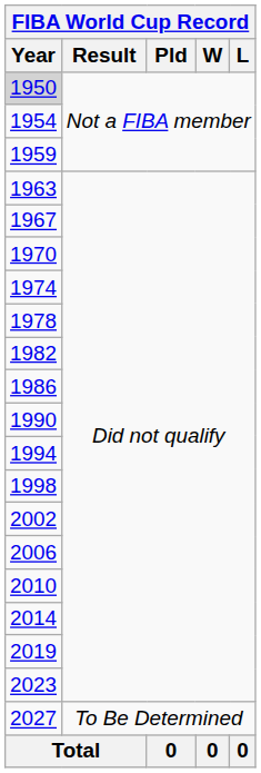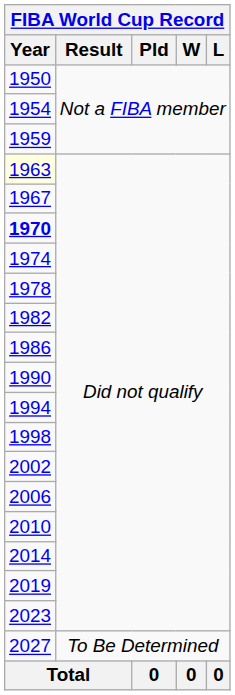 <table class="wikitable" style="text-align: center;font-size:90%;">
 <tr>
 <th colspan=5><a href='#'>FIBA World Cup Record</a></th>
 </tr>
 <tr>
 <th>Year</th>
 <th>Result</th>
 <th>Pld</th>
 <th>W</th>
 <th>L</th>
 </tr>
 <tr>
-<td style="background: lightgrey;"> <a href='#'>1950</a></td>
+<td> <a href='#'>1950</a></td>
 <td rowspan=3 colspan=4><em>Not a <a href='#'>FIBA</a> member</em></td>
 </tr>
 <tr>
 <td> <a href='#'>1954</a></td>
 </tr>
 <tr>
 <td> <a href='#'>1959</a></td>
 </tr>
 <tr>
-<td> <a href='#'>1963</a></td>
+<td style="background: lightyellow;"> <a href='#'>1963</a></td>
 <td rowspan=16 colspan=4><em>Did not qualify</em></td>
 </tr>
 <tr>
 <td> <a href='#'>1967</a></td>
 </tr>
 <tr>
-<td> <a href='#'>1970</a></td>
+<td><strong> <a href='#'>1970</a></strong></td>
 </tr>
 <tr>
 <td> <a href='#'>1974</a></td>
 </tr>
 <tr>
 <td> <a href='#'>1978</a></td>
 </tr>
 <tr>
 <td> <a href='#'>1982</a></td>
 </tr>
 <tr>
 <td> <a href='#'>1986</a></td>
 </tr>
 <tr>
 <td> <a href='#'>1990</a></td>
 </tr>
 <tr>
 <td> <a href='#'>1994</a></td>
 </tr>
 <tr>
 <td> <a href='#'>1998</a></td>
 </tr>
 <tr>
 <td> <a href='#'>2002</a></td>
 </tr>
 <tr>
 <td> <a href='#'>2006</a></td>
 </tr>
 <tr>
 <td> <a href='#'>2010</a></td>
 </tr>
 <tr>
 <td> <a href='#'>2014</a></td>
 </tr>
 <tr>
 <td> <a href='#'>2019</a></td>
 </tr>
 <tr>
 <td> <a href='#'>2023</a></td>
 </tr>
 <tr>
 <td> <a href='#'>2027</a></td>
 <td colspan=4><em>To Be Determined</em></td>
 </tr>
 <tr>
 <th colspan=2>Total</th>
 <th>0</th>
 <th>0</th>
 <th>0</th>
 </tr>
 </table>
